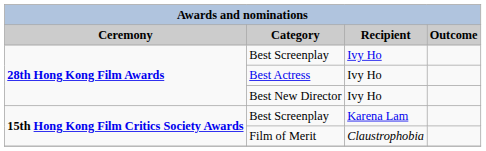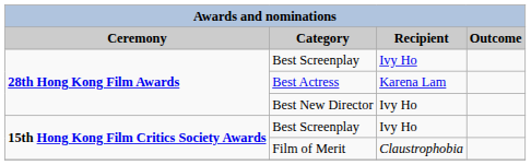 <table class="wikitable" style="font-size:95%;" ;>
 <tr style="background:#ccc; text-align:center;">
 <th colspan="4" style="background: LightSteelBlue;">Awards and nominations</th>
 </tr>
 <tr style="background:#ccc; text-align:center;">
 <th style="background:#ccc">Ceremony</th>
 <th style="background:#ccc">Category</th>
 <th style="background:#ccc">Recipient</th>
 <th style="background:#ccc">Outcome</th>
 </tr>
 <tr>
 <td rowspan=3><strong><a href='#'>28th Hong Kong Film Awards</a></strong></td>
 <td>Best Screenplay</td>
 <td><a href='#'>Ivy Ho</a></td>
 <td></td>
 </tr>
 <tr>
 <td><a href='#'>Best Actress</a></td>
-<td>Ivy Ho</td>
+<td><a href='#'>Karena Lam</a></td>
 <td></td>
 </tr>
 <tr>
 <td>Best New Director</td>
 <td>Ivy Ho</td>
 <td></td>
 </tr>
 <tr>
 <td rowspan=2><strong>15th <a href='#'>Hong Kong Film Critics Society Awards</a></strong></td>
 <td>Best Screenplay</td>
-<td><a href='#'>Karena Lam</a></td>
+<td>Ivy Ho</td>
 <td></td>
 </tr>
 <tr>
 <td>Film of Merit</td>
 <td><em>Claustrophobia</em></td>
 <td></td>
 </tr>
 <tr>
 </tr>
 </table>
